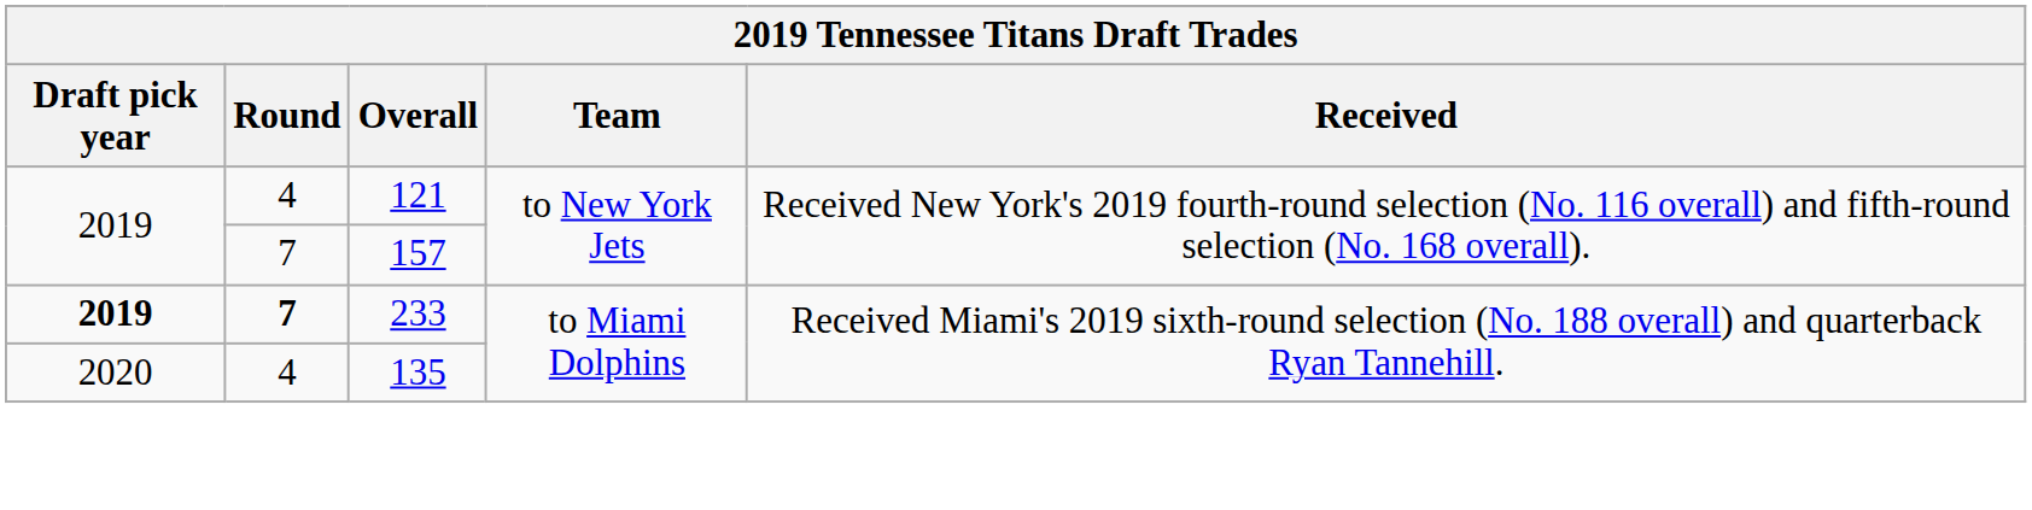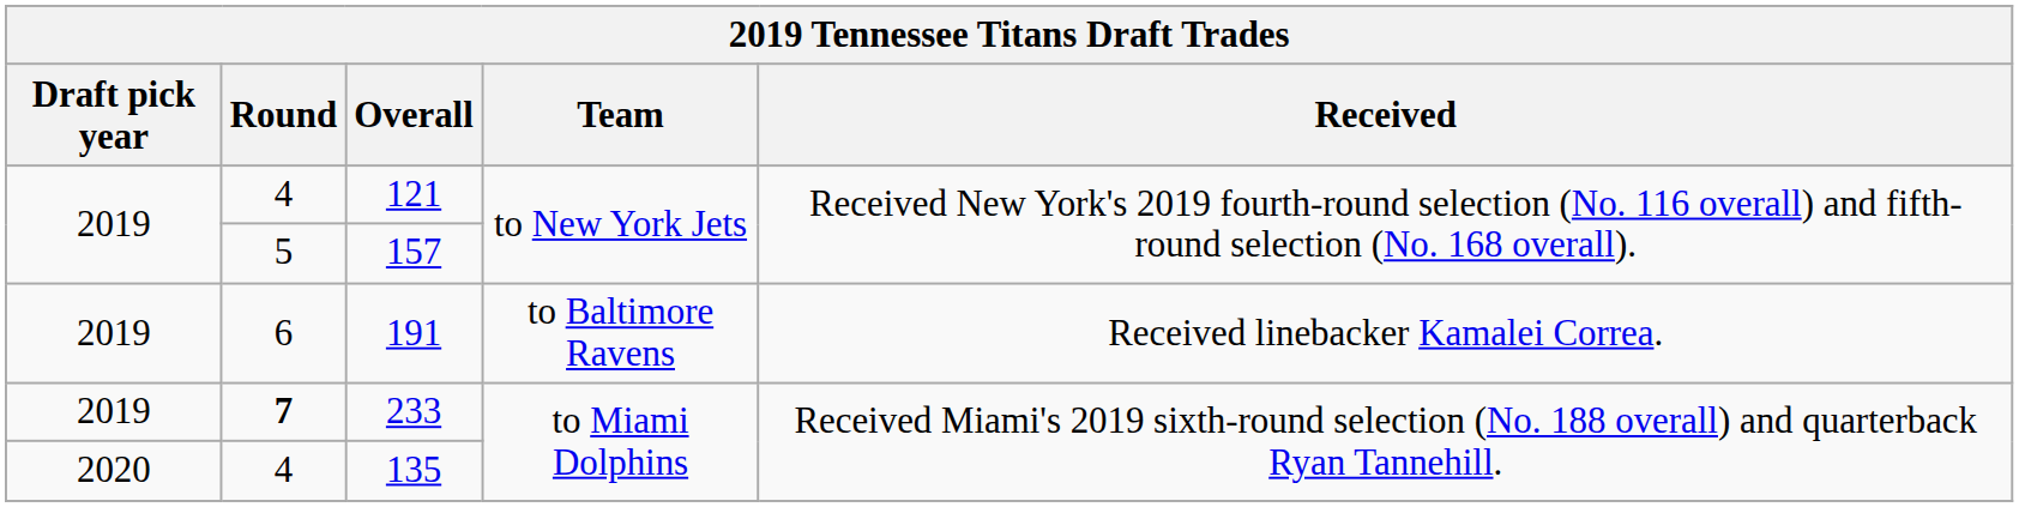 <table class="wikitable" style="text-align:center">
 <tr>
 <th colspan=5>2019 Tennessee Titans Draft Trades</th>
 </tr>
 <tr>
 <th>Draft pick year</th>
 <th>Round</th>
 <th>Overall</th>
 <th>Team</th>
 <th>Received</th>
 </tr>
 <tr>
 <td rowspan="2">2019</td>
 <td>4</td>
 <td><a href='#'>121</a></td>
 <td rowspan="2">to <a href='#'>New York Jets</a></td>
 <td rowspan="2">Received New York's 2019 fourth-round selection (<a href='#'>No. 116 overall</a>) and fifth-round selection (<a href='#'>No. 168 overall</a>).</td>
 </tr>
 <tr>
-<td>7</td>
+<td>5</td>
 <td><a href='#'>157</a></td>
 </tr>
 <tr>
-<td><strong>2019</strong></td>
+<td>2019</td>
+<td>6</td>
+<td><a href='#'>191</a></td>
+<td>to <a href='#'>Baltimore Ravens</a></td>
+<td>Received linebacker <a href='#'>Kamalei Correa</a>.</td>
+</tr>
+<tr>
+<td>2019</td>
 <td><strong>7</strong></td>
 <td><a href='#'>233</a></td>
 <td rowspan="2">to <a href='#'>Miami Dolphins</a></td>
 <td rowspan="2">Received Miami's 2019 sixth-round selection (<a href='#'>No. 188 overall</a>) and quarterback <a href='#'>Ryan Tannehill</a>.</td>
 </tr>
 <tr>
 <td>2020</td>
 <td>4</td>
 <td><a href='#'>135</a></td>
 </tr>
 </table>
